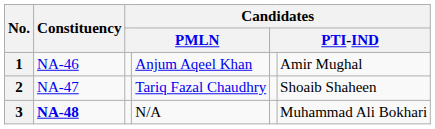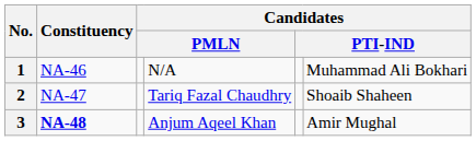 <table class="wikitable sortable">
 <tr>
 <th rowspan="2">No.</th>
 <th rowspan="2">Constituency</th>
 <th colspan="4">Candidates</th>
 </tr>
 <tr>
 <th colspan="2"><a href='#'>PMLN</a></th>
 <th colspan="2"><a href='#'>PTI</a>-<a href='#'>IND</a></th>
 </tr>
 <tr>
 <th>1</th>
 <td><a href='#'>NA-46</a></td>
 <td style="background:"></td>
-<td><a href='#'>Anjum Aqeel Khan</a></td>
+<td>N/A</td>
 <td style="background:"></td>
-<td>Amir Mughal</td>
+<td>Muhammad Ali Bokhari</td>
 </tr>
 <tr>
 <th>2</th>
 <td><a href='#'>NA-47</a></td>
 <td style="background:"></td>
 <td><a href='#'>Tariq Fazal Chaudhry</a></td>
 <td style="background:"></td>
 <td>Shoaib Shaheen</td>
 </tr>
 <tr>
 <th>3</th>
 <td><strong><a href='#'>NA-48</a></strong></td>
 <td style="background:"></td>
-<td>N/A</td>
+<td><a href='#'>Anjum Aqeel Khan</a></td>
 <td style="background:"></td>
-<td>Muhammad Ali Bokhari</td>
+<td>Amir Mughal</td>
 </tr>
 </table>
